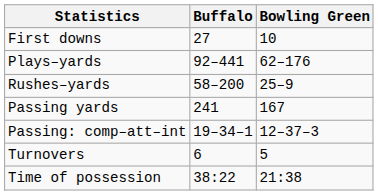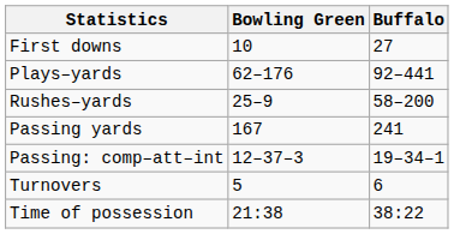 <table class="wikitable" style="float:left">
 <tr>
 <th>Statistics</th>
+<th>Bowling Green</th>
 <th>Buffalo</th>
-<th>Bowling Green</th>
 </tr>
 <tr>
 <td>First downs</td>
+<td>10</td>
 <td>27</td>
-<td>10</td>
 </tr>
 <tr>
 <td>Plays–yards</td>
+<td>62–176</td>
 <td>92–441</td>
-<td>62–176</td>
 </tr>
 <tr>
 <td>Rushes–yards</td>
+<td>25–9</td>
 <td>58–200</td>
-<td>25–9</td>
 </tr>
 <tr>
 <td>Passing yards</td>
+<td>167</td>
 <td>241</td>
-<td>167</td>
 </tr>
 <tr>
 <td>Passing: comp–att–int</td>
+<td>12–37–3</td>
 <td>19–34–1</td>
-<td>12–37–3</td>
 </tr>
 <tr>
 <td>Turnovers</td>
+<td>5</td>
 <td>6</td>
-<td>5</td>
 </tr>
 <tr>
 <td>Time of possession</td>
+<td>21:38</td>
 <td>38:22</td>
-<td>21:38</td>
 </tr>
 </table>
